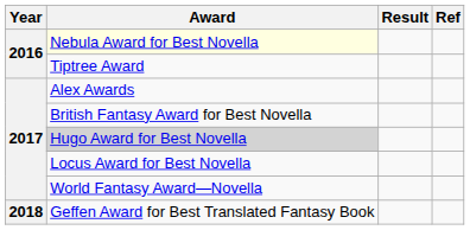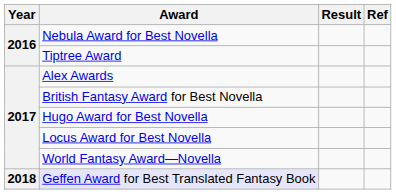 <table class="wikitable">
 <tr>
 <th>Year</th>
 <th>Award</th>
 <th>Result</th>
 <th>Ref</th>
 </tr>
 <tr>
 <th rowspan="2">2016</th>
-<td style="background: lightyellow;"><a href='#'>Nebula Award for Best Novella</a></td>
+<td><a href='#'>Nebula Award for Best Novella</a></td>
 <td></td>
 <td></td>
 </tr>
 <tr>
 <td><a href='#'>Tiptree Award</a></td>
 <td></td>
 <td></td>
 </tr>
 <tr>
 <th rowspan="5">2017</th>
 <td><a href='#'>Alex Awards</a></td>
 <td></td>
 <td></td>
 </tr>
 <tr>
 <td><a href='#'>British Fantasy Award</a> for Best Novella</td>
 <td></td>
 <td></td>
 </tr>
 <tr>
-<td style="background: lightgrey;"><a href='#'>Hugo Award for Best Novella</a></td>
+<td><a href='#'>Hugo Award for Best Novella</a></td>
 <td></td>
 <td></td>
 </tr>
 <tr>
 <td><a href='#'>Locus Award for Best Novella</a></td>
 <td></td>
 <td></td>
 </tr>
 <tr>
 <td><a href='#'>World Fantasy Award—Novella</a></td>
 <td></td>
 <td></td>
 </tr>
 <tr>
 <th>2018</th>
-<td><a href='#'>Geffen Award</a> for Best Translated Fantasy Book</td>
+<td style="background: lavender;"><a href='#'>Geffen Award</a> for Best Translated Fantasy Book</td>
 <td></td>
 <td></td>
 </tr>
 </table>
